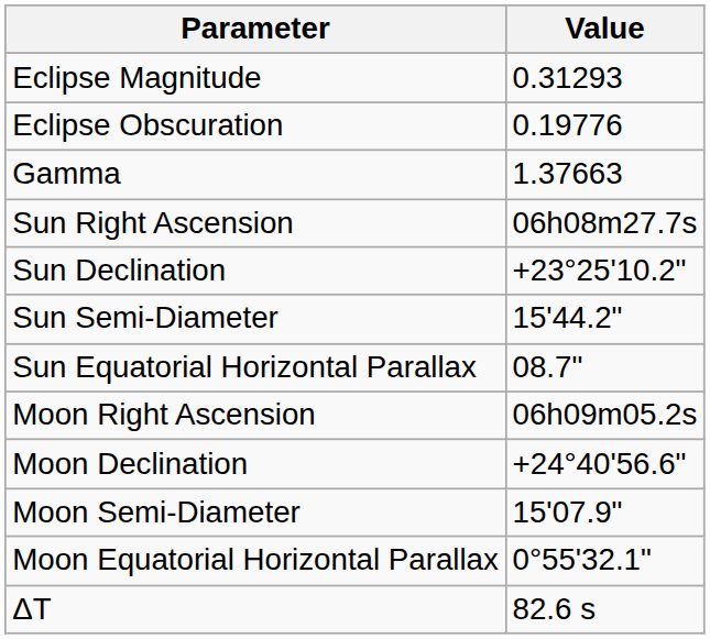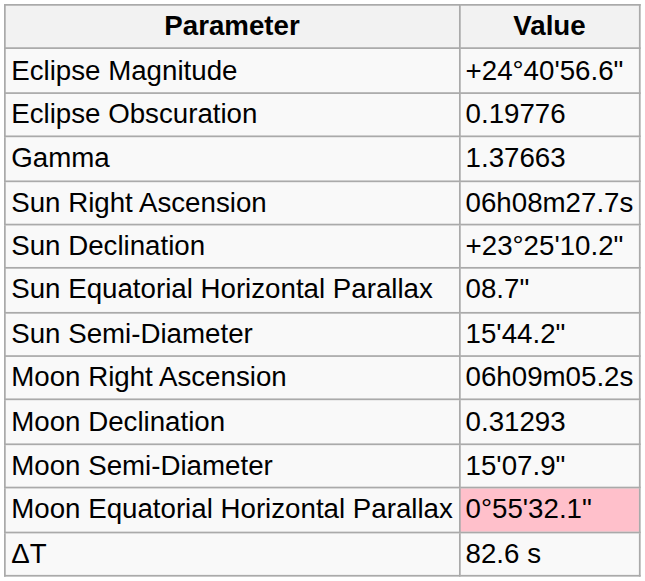 <table class="wikitable">
 <tr>
 <th>Parameter</th>
 <th>Value</th>
 </tr>
 <tr>
 <td>Eclipse Magnitude</td>
-<td>0.31293</td>
+<td>+24°40'56.6"</td>
 </tr>
 <tr>
 <td>Eclipse Obscuration</td>
 <td>0.19776</td>
 </tr>
 <tr>
 <td>Gamma</td>
 <td>1.37663</td>
 </tr>
 <tr>
 <td>Sun Right Ascension</td>
 <td>06h08m27.7s</td>
 </tr>
 <tr>
 <td>Sun Declination</td>
 <td>+23°25'10.2"</td>
 </tr>
 <tr>
+<td>Sun Equatorial Horizontal Parallax</td>
+<td>08.7"</td>
+</tr>
+<tr>
 <td>Sun Semi-Diameter</td>
 <td>15'44.2"</td>
-</tr>
-<tr>
-<td>Sun Equatorial Horizontal Parallax</td>
-<td>08.7"</td>
 </tr>
 <tr>
 <td>Moon Right Ascension</td>
 <td>06h09m05.2s</td>
 </tr>
 <tr>
 <td>Moon Declination</td>
-<td>+24°40'56.6"</td>
+<td>0.31293</td>
 </tr>
 <tr>
 <td>Moon Semi-Diameter</td>
 <td>15'07.9"</td>
 </tr>
 <tr>
 <td>Moon Equatorial Horizontal Parallax</td>
-<td>0°55'32.1"</td>
+<td style="background: pink;">0°55'32.1"</td>
 </tr>
 <tr>
 <td>ΔT</td>
 <td>82.6 s</td>
 </tr>
 </table>
